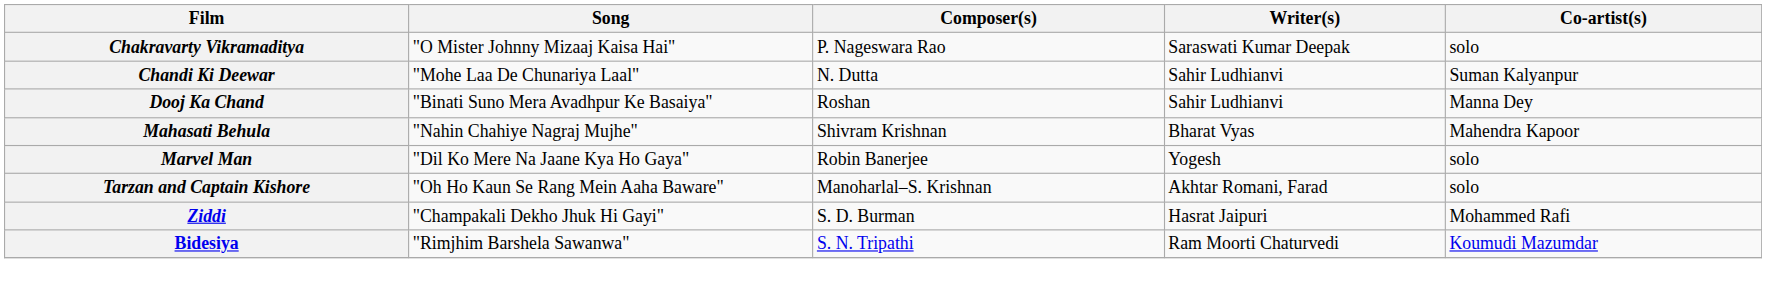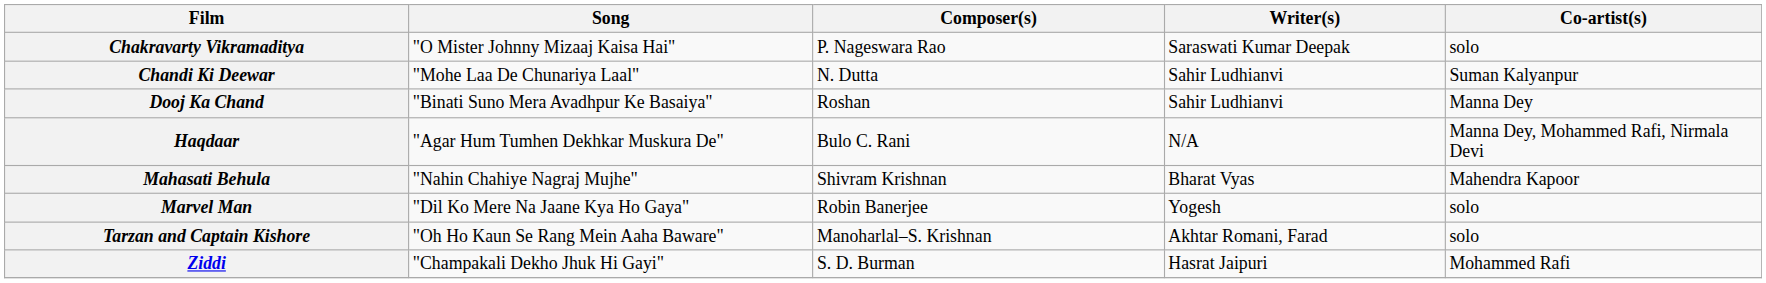 <table class="wikitable plainrowheaders" width="100%" textcolor:#000;">
 <tr style="background:#b0e0e66;">
 <th scope="col" width=23%><strong>Film</strong></th>
 <th scope="col" width=23%><strong>Song</strong></th>
 <th scope="col" width=20%><strong>Composer(s)</strong></th>
 <th scope="col" width=16%><strong>Writer(s)</strong></th>
 <th scope="col" width=18%><strong>Co-artist(s)</strong></th>
 </tr>
 <tr>
 <th><em>Chakravarty Vikramaditya</em></th>
 <td>"O Mister Johnny Mizaaj Kaisa Hai"</td>
 <td>P. Nageswara Rao</td>
 <td>Saraswati Kumar Deepak</td>
 <td>solo</td>
 </tr>
 <tr>
 <th><em>Chandi Ki Deewar</em></th>
 <td>"Mohe Laa De Chunariya Laal"</td>
 <td>N. Dutta</td>
 <td>Sahir Ludhianvi</td>
 <td>Suman Kalyanpur</td>
 </tr>
 <tr>
 <th><em>Dooj Ka Chand</em></th>
 <td>"Binati Suno Mera Avadhpur Ke Basaiya"</td>
 <td>Roshan</td>
 <td>Sahir Ludhianvi</td>
 <td>Manna Dey</td>
 </tr>
 <tr>
+<th><em>Haqdaar</em></th>
+<td>"Agar Hum Tumhen Dekhkar Muskura De"</td>
+<td>Bulo C. Rani</td>
+<td>N/A</td>
+<td>Manna Dey, Mohammed Rafi, Nirmala Devi</td>
+</tr>
+<tr>
 <th><em>Mahasati Behula</em></th>
 <td>"Nahin Chahiye Nagraj Mujhe"</td>
 <td>Shivram Krishnan</td>
 <td>Bharat Vyas</td>
 <td>Mahendra Kapoor</td>
 </tr>
 <tr>
 <th><em>Marvel Man</em></th>
 <td>"Dil Ko Mere Na Jaane Kya Ho Gaya"</td>
 <td>Robin Banerjee</td>
 <td>Yogesh</td>
 <td>solo</td>
 </tr>
 <tr>
 <th Rowspan=1><em>Tarzan and Captain Kishore</em></th>
 <td>"Oh Ho Kaun Se Rang Mein Aaha Baware"</td>
 <td>Manoharlal–S. Krishnan</td>
 <td>Akhtar Romani, Farad</td>
 <td>solo</td>
 </tr>
 <tr>
 <th Rowspan=1><em><a href='#'>Ziddi</a></em></th>
 <td>"Champakali Dekho Jhuk Hi Gayi"</td>
 <td>S. D. Burman</td>
 <td>Hasrat Jaipuri</td>
 <td>Mohammed Rafi</td>
 </tr>
 <tr>
-<th><a href='#'>Bidesiya</a></th>
-<td>"Rimjhim Barshela Sawanwa"</td>
-<td><a href='#'>S. N. Tripathi</a></td>
-<td>Ram Moorti Chaturvedi</td>
-<td><a href='#'>Koumudi Mazumdar</a></td>
-</tr>
-<tr>
 </tr>
 </table>
